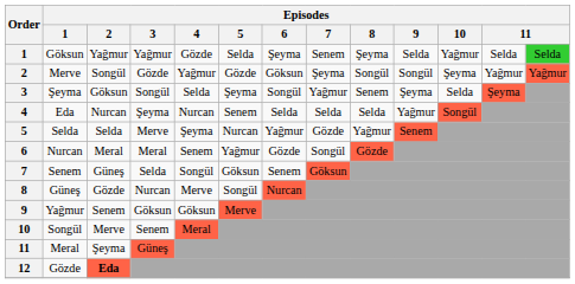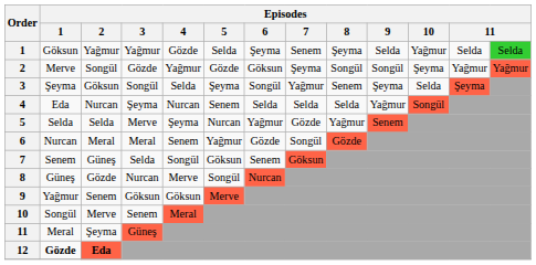 <table class="wikitable" style="text-align:center; font-size:92%">
 <tr>
 <th rowspan=2>Order</th>
 <th colspan=13>Episodes</th>
 </tr>
 <tr>
 <th>1</th>
 <th>2</th>
 <th>3</th>
 <th>4</th>
 <th>5</th>
 <th>6</th>
 <th>7</th>
 <th>8</th>
 <th>9</th>
 <th>10</th>
 <th colspan=2>11</th>
 </tr>
 <tr>
 <th>1</th>
 <td>Göksun</td>
 <td>Yağmur</td>
 <td>Yağmur</td>
 <td>Gözde</td>
 <td>Selda</td>
 <td>Şeyma</td>
 <td>Senem</td>
 <td>Şeyma</td>
 <td>Selda</td>
 <td>Yağmur</td>
 <td>Selda</td>
 <td bgcolor="limegreen">Selda</td>
 </tr>
 <tr>
 <th>2</th>
 <td>Merve</td>
 <td>Songül</td>
 <td>Gözde</td>
 <td>Yağmur</td>
 <td>Gözde</td>
 <td>Göksun</td>
 <td>Şeyma</td>
 <td>Songül</td>
 <td>Songül</td>
 <td>Şeyma</td>
 <td>Yağmur</td>
 <td bgcolor="tomato">Yağmur</td>
 </tr>
 <tr>
 <th>3</th>
 <td>Şeyma</td>
 <td>Göksun</td>
 <td>Songül</td>
 <td>Selda</td>
 <td>Şeyma</td>
 <td>Songül</td>
 <td>Yağmur</td>
 <td>Senem</td>
 <td>Şeyma</td>
 <td>Selda</td>
 <td bgcolor="tomato">Şeyma</td>
 <td bgcolor="darkgray" colspan=11></td>
 </tr>
 <tr>
 <th>4</th>
 <td>Eda</td>
 <td>Nurcan</td>
 <td>Şeyma</td>
 <td>Nurcan</td>
 <td>Senem</td>
 <td>Selda</td>
 <td>Selda</td>
 <td>Selda</td>
 <td>Yağmur</td>
 <td bgcolor="tomato">Songül</td>
 <td bgcolor="darkgray" colspan=11></td>
 </tr>
 <tr>
 <th>5</th>
 <td>Selda</td>
 <td>Selda</td>
 <td>Merve</td>
 <td>Şeyma</td>
 <td>Nurcan</td>
 <td>Yağmur</td>
 <td>Gözde</td>
 <td>Yağmur</td>
 <td bgcolor="tomato">Senem</td>
 <td bgcolor="darkgray" colspan=11></td>
 </tr>
 <tr>
 <th>6</th>
 <td>Nurcan</td>
 <td>Meral</td>
 <td>Meral</td>
 <td>Senem</td>
 <td>Yağmur</td>
 <td>Gözde</td>
 <td>Songül</td>
 <td bgcolor="tomato">Gözde</td>
 <td bgcolor="darkgray" colspan=11></td>
 </tr>
 <tr>
 <th>7</th>
 <td>Senem</td>
 <td>Güneş</td>
 <td>Selda</td>
 <td>Songül</td>
 <td>Göksun</td>
 <td>Senem</td>
 <td bgcolor="tomato">Göksun</td>
 <td bgcolor="darkgray" colspan=11></td>
 </tr>
 <tr>
 <th>8</th>
 <td>Güneş</td>
 <td>Gözde</td>
 <td>Nurcan</td>
 <td>Merve</td>
 <td>Songül</td>
 <td bgcolor="tomato">Nurcan</td>
 <td bgcolor="darkgray" colspan=11></td>
 </tr>
 <tr>
 <th>9</th>
 <td>Yağmur</td>
 <td>Senem</td>
 <td>Göksun</td>
 <td>Göksun</td>
 <td bgcolor="tomato">Merve</td>
 <td bgcolor="darkgray" colspan=11></td>
 </tr>
 <tr>
 <th>10</th>
 <td>Songül</td>
 <td>Merve</td>
 <td>Senem</td>
 <td bgcolor="tomato">Meral</td>
 <td bgcolor="darkgray" colspan=11></td>
 </tr>
 <tr>
 <th>11</th>
 <td>Meral</td>
 <td>Şeyma</td>
 <td bgcolor="tomato">Güneş</td>
 <td bgcolor="darkgray" colspan=11></td>
 </tr>
 <tr>
 <th>12</th>
-<td>Gözde</td>
+<td><strong>Gözde</strong></td>
 <td bgcolor="tomato"><strong>Eda</strong></td>
 <td bgcolor="darkgray" colspan=11></td>
 </tr>
 <tr>
 </tr>
 </table>
